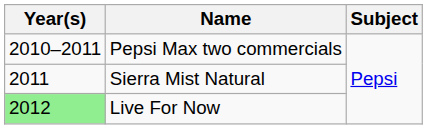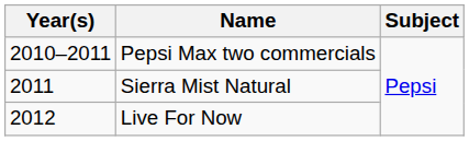 <table class="wikitable sortable">
 <tr>
 <th>Year(s)</th>
 <th>Name</th>
 <th>Subject</th>
 </tr>
 <tr>
 <td>2010–2011</td>
 <td>Pepsi Max two commercials</td>
 <td rowspan="3"><a href='#'>Pepsi</a></td>
 </tr>
 <tr>
 <td>2011</td>
 <td>Sierra Mist Natural</td>
 </tr>
 <tr>
-<td style="background: lightgreen;">2012</td>
+<td>2012</td>
 <td>Live For Now</td>
 </tr>
 </table>
